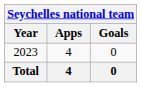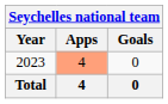 <table class="wikitable" style="text-align:center">
 <tr>
 <th colspan=3><a href='#'>Seychelles national team</a></th>
 </tr>
 <tr>
 <th>Year</th>
 <th>Apps</th>
 <th>Goals</th>
 </tr>
 <tr>
 <td>2023</td>
-<td>4</td>
+<td style="background: lightsalmon;">4</td>
 <td>0</td>
 </tr>
 <tr>
 <th>Total</th>
 <th>4</th>
 <th>0</th>
 </tr>
 </table>
